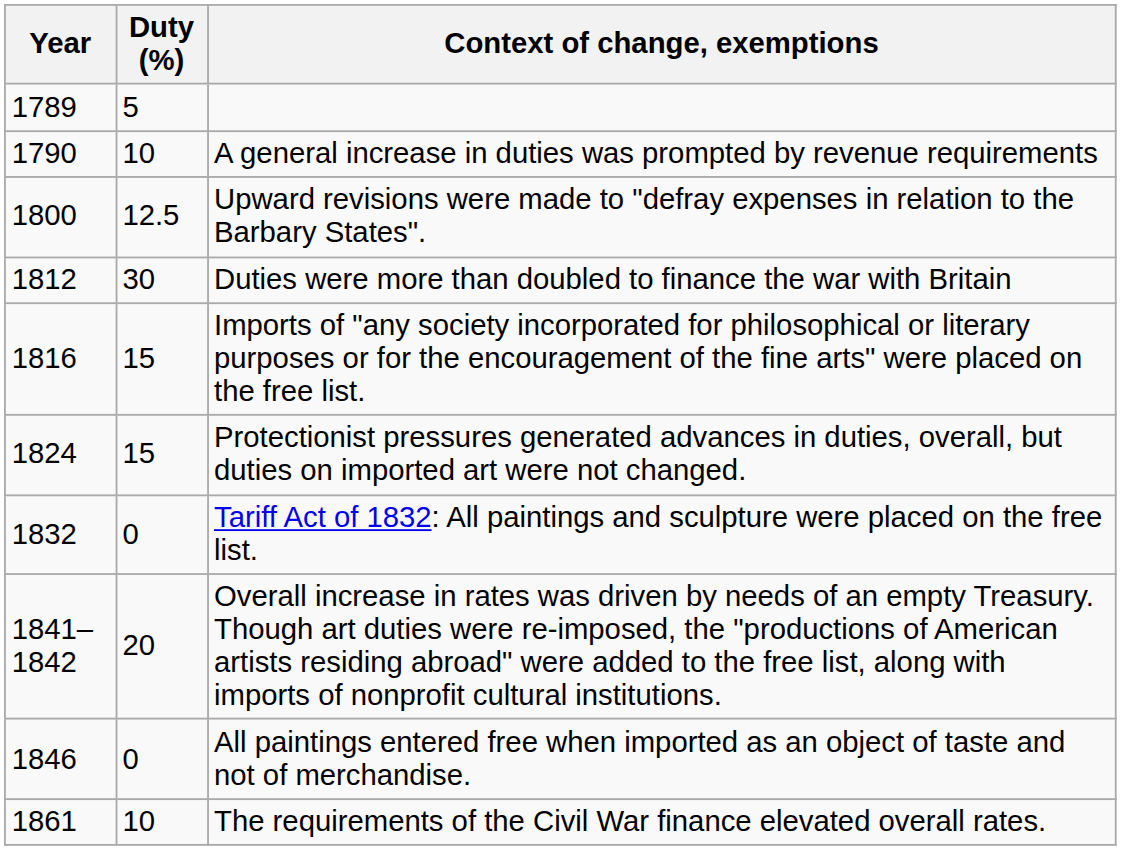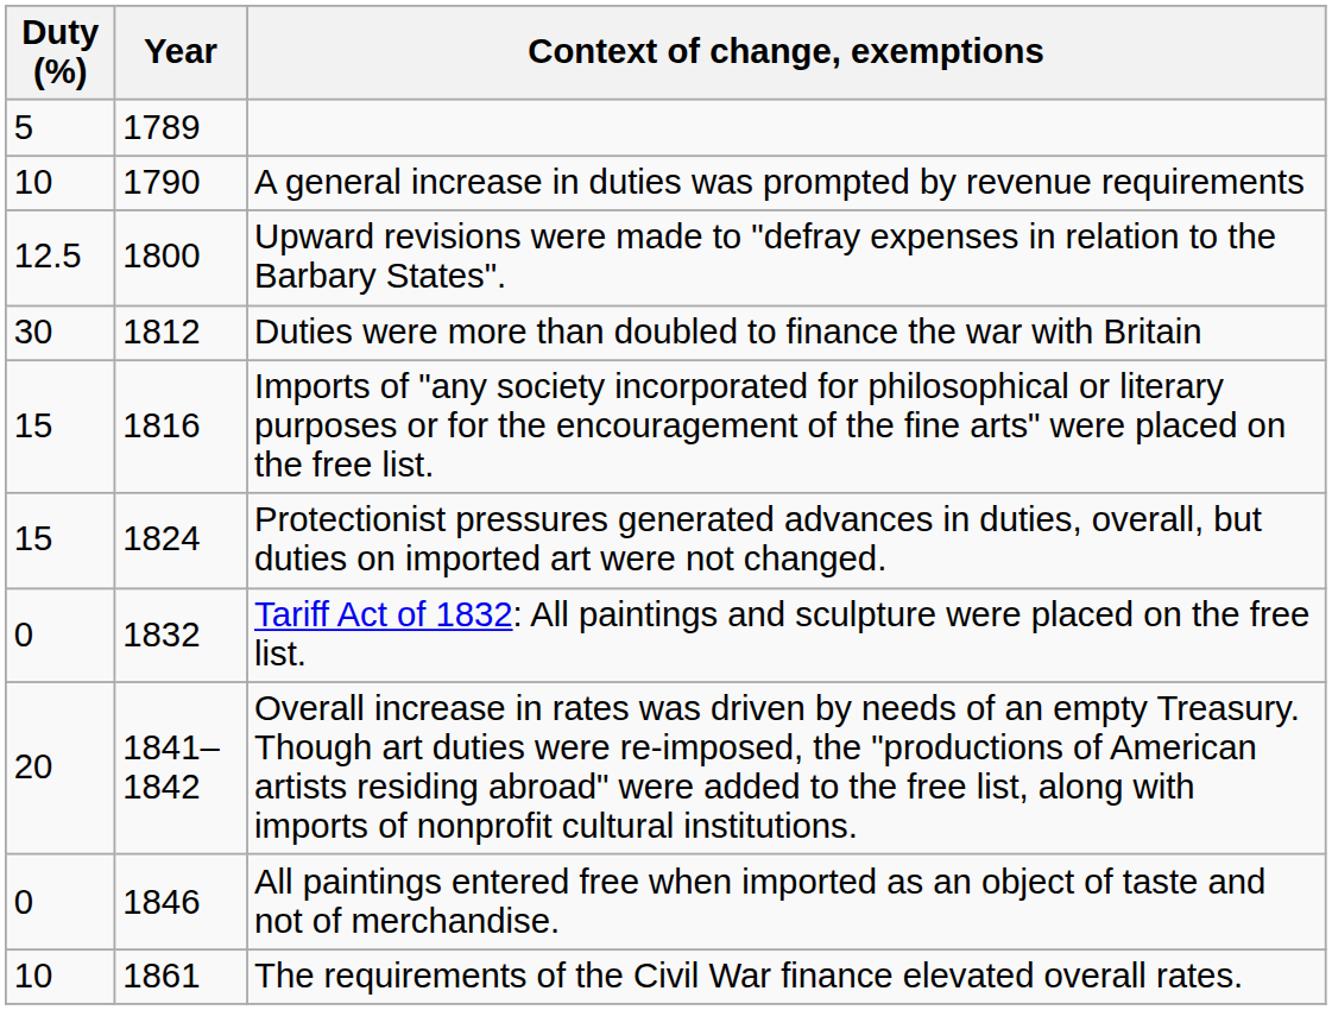 <table class="wikitable">
 <tr>
+<th>Duty (%)</th>
 <th>Year</th>
-<th>Duty (%)</th>
 <th>Context of change, exemptions</th>
 </tr>
 <tr>
+<td>5</td>
 <td>1789</td>
-<td>5</td>
 <td></td>
 </tr>
 <tr>
+<td>10</td>
 <td>1790</td>
-<td>10</td>
 <td>A general increase in duties was prompted by revenue requirements</td>
 </tr>
 <tr>
+<td>12.5</td>
 <td>1800</td>
-<td>12.5</td>
 <td>Upward revisions were made to "defray expenses in relation to the Barbary States".</td>
 </tr>
 <tr>
+<td>30</td>
 <td>1812</td>
-<td>30</td>
 <td>Duties were more than doubled to finance the war with Britain</td>
 </tr>
 <tr>
+<td>15</td>
 <td>1816</td>
-<td>15</td>
 <td>Imports of "any society incorporated for philosophical or literary purposes or for the encouragement of the fine arts" were placed on the free list.</td>
 </tr>
 <tr>
+<td>15</td>
 <td>1824</td>
-<td>15</td>
 <td>Protectionist pressures generated advances in duties, overall, but duties on imported art were not changed.</td>
 </tr>
 <tr>
+<td>0</td>
 <td>1832</td>
-<td>0</td>
 <td><a href='#'>Tariff Act of 1832</a>: All paintings and sculpture were placed on the free list.</td>
 </tr>
 <tr>
+<td>20</td>
 <td>1841–1842</td>
-<td>20</td>
 <td>Overall increase in rates was driven by needs of an empty Treasury.  Though art duties were re-imposed, the "productions of American artists residing abroad" were added to the free list, along with imports of nonprofit cultural institutions.</td>
 </tr>
 <tr>
+<td>0</td>
 <td>1846</td>
-<td>0</td>
 <td>All paintings entered free when imported as an object of taste and not of merchandise.</td>
 </tr>
 <tr>
+<td>10</td>
 <td>1861</td>
-<td>10</td>
 <td>The requirements of the Civil War finance elevated overall rates.</td>
 </tr>
 </table>
